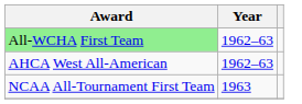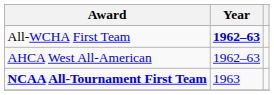 <table class="wikitable">
 <tr>
 <th>Award</th>
 <th>Year</th>
 <th></th>
 </tr>
 <tr>
-<td style="background: lightgreen;">All-<a href='#'>WCHA</a> <a href='#'>First Team</a></td>
-<td><a href='#'>1962–63</a></td>
+<td>All-<a href='#'>WCHA</a> <a href='#'>First Team</a></td>
+<td><strong><a href='#'>1962–63</a></strong></td>
 <td></td>
 </tr>
 <tr>
 <td><a href='#'>AHCA</a> <a href='#'>West All-American</a></td>
 <td><a href='#'>1962–63</a></td>
 <td></td>
 </tr>
 <tr>
-<td><a href='#'>NCAA</a> <a href='#'>All-Tournament First Team</a></td>
+<td><strong><a href='#'>NCAA</a> <a href='#'>All-Tournament First Team</a></strong></td>
 <td><a href='#'>1963</a></td>
 <td></td>
 </tr>
 <tr>
 </tr>
 </table>
